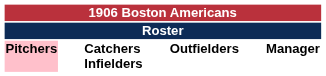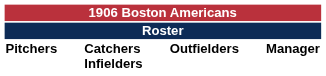 <table class="toccolours" style="text-align: left;">
 <tr>
 <th colspan="10" style="background-color: #ba313c; color: white; text-align: center;">1906 Boston Americans</th>
 </tr>
 <tr>
 <td colspan="10" style="background-color: #0d2b56; color: white; text-align: center;"><strong>Roster</strong></td>
 </tr>
 <tr>
-<td valign="top" style="background: pink;"><strong>Pitchers</strong><br>           </td>
+<td valign="top"><strong>Pitchers</strong><br>           </td>
 <td width="25px"></td>
 <td valign="top"><strong>Catchers</strong><br>      <strong>Infielders</strong>        </td>
 <td width="25px"></td>
 <td valign="top"><strong>Outfielders</strong><br>    </td>
 <td width="25px"></td>
 <td valign="top"><strong>Manager</strong><br> </td>
 </tr>
 <tr>
 </tr>
 </table>
